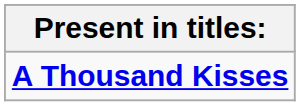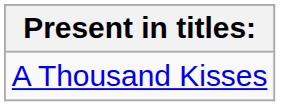 <table class="wikitable">
 <tr>
 <th>Present in titles:</th>
 </tr>
 <tr>
-<td><strong><a href='#'>A Thousand Kisses</a></strong></td>
+<td><a href='#'>A Thousand Kisses</a></td>
 </tr>
 </table>
